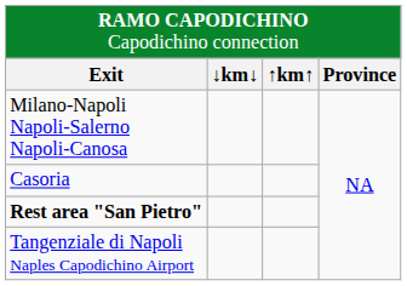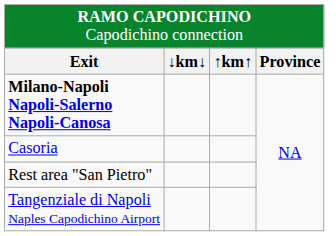 <table class="wikitable">
 <tr>
 </tr>
 <tr align="center" style="color: white;font-size:100%;" bgcolor="#08842c">
 <td colspan="6"> <strong>RAMO CAPODICHINO</strong><br>Capodichino connection</td>
 </tr>
 <tr>
 <th><strong>Exit</strong></th>
 <th align="center"><strong>↓km↓</strong></th>
 <th align="center"><strong>↑km↑</strong></th>
 <th align="center"><strong>Province</strong></th>
 </tr>
 <tr>
-<td>  Milano-Napoli<br> <a href='#'>Napoli-Salerno</a><br> <a href='#'>Napoli-Canosa</a></td>
+<td><strong>  Milano-Napoli<br> <a href='#'>Napoli-Salerno</a><br> <a href='#'>Napoli-Canosa</a></strong></td>
 <td align="right"></td>
 <td align="right"></td>
 <td align="center" rowspan=4><a href='#'>NA</a></td>
 </tr>
 <tr>
 <td> <a href='#'>Casoria</a></td>
 <td align="right"></td>
 <td align="right"></td>
 </tr>
 <tr>
-<td><strong> Rest area "San Pietro"</strong></td>
+<td> Rest area "San Pietro"</td>
 <td align="right"></td>
 <td align="right"></td>
 </tr>
 <tr>
 <td>  <a href='#'>Tangenziale di Napoli</a><br><small> <a href='#'>Naples Capodichino Airport</a></small></td>
 <td align="right"></td>
 <td align="right"></td>
 </tr>
 </table>
